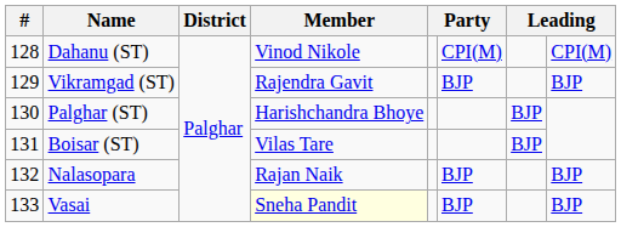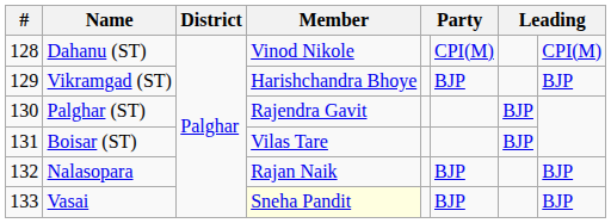 <table class="wikitable">
 <tr>
 <th>#</th>
 <th>Name</th>
 <th>District</th>
 <th>Member</th>
 <th colspan="2">Party</th>
 <th colspan="2">Leading<br></th>
 </tr>
 <tr>
 <td>128</td>
 <td><a href='#'>Dahanu</a> (ST)</td>
 <td rowspan="6"><a href='#'>Palghar</a></td>
 <td><a href='#'>Vinod Nikole</a></td>
 <td style="background-color: "></td>
 <td><a href='#'>CPI(M)</a></td>
 <td style="background-color:"></td>
 <td><a href='#'>CPI(M)</a></td>
 </tr>
 <tr>
 <td>129</td>
 <td><a href='#'>Vikramgad</a> (ST)</td>
-<td><a href='#'>Rajendra Gavit</a></td>
+<td><a href='#'>Harishchandra Bhoye</a></td>
 <td style="background-color:"></td>
 <td><a href='#'>BJP</a></td>
 <td style="background-color:"></td>
 <td><a href='#'>BJP</a></td>
 </tr>
 <tr>
 <td>130</td>
 <td><a href='#'>Palghar</a> (ST)</td>
-<td><a href='#'>Harishchandra Bhoye</a></td>
+<td><a href='#'>Rajendra Gavit</a></td>
 <td></td>
 <td style="background-color:"></td>
 <td><a href='#'>BJP</a></td>
 </tr>
 <tr>
 <td>131</td>
 <td><a href='#'>Boisar</a> (ST)</td>
 <td><a href='#'>Vilas Tare</a></td>
 <td></td>
 <td style="background-color:"></td>
 <td><a href='#'>BJP</a></td>
 </tr>
 <tr>
 <td>132</td>
 <td><a href='#'>Nalasopara</a></td>
 <td><a href='#'>Rajan Naik</a></td>
 <td style="background-color:"></td>
 <td><a href='#'>BJP</a></td>
 <td style="background-color:"></td>
 <td><a href='#'>BJP</a></td>
 </tr>
 <tr>
 <td>133</td>
 <td><a href='#'>Vasai</a></td>
 <td style="background: lightyellow;"><a href='#'>Sneha Pandit</a></td>
 <td style="background-color:"></td>
 <td><a href='#'>BJP</a></td>
 <td style="background-color:"></td>
 <td><a href='#'>BJP</a></td>
 </tr>
 </table>
